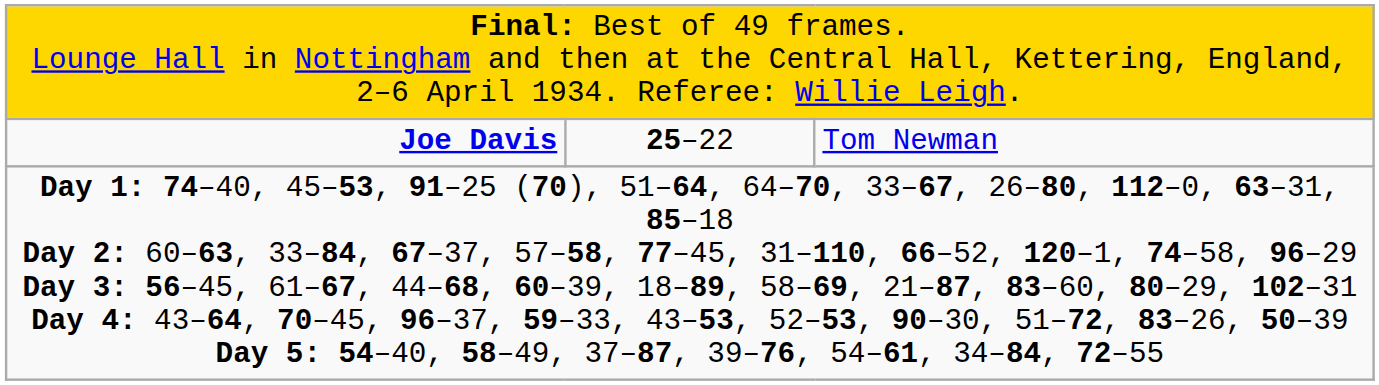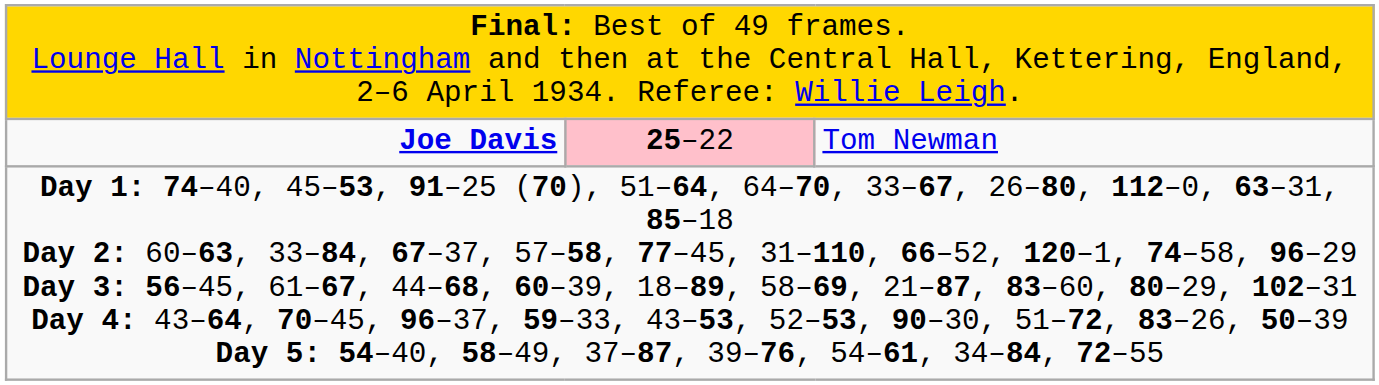 <table class="wikitable" style="font-size: 95%; margin: 1em auto 1em auto;">
 <tr>
 <td colspan="3" align="center" bgcolor="#ffd700"><strong>Final:</strong> Best of 49 frames.<br> <a href='#'>Lounge Hall</a> in <a href='#'>Nottingham</a> and then at the Central Hall, Kettering, England, 2–6 April 1934. Referee: <a href='#'>Willie Leigh</a>.</td>
 </tr>
 <tr>
 <td width="230" align="right"><strong><a href='#'>Joe Davis</a></strong><br></td>
-<td width="100" align="center"><strong>25</strong>–22</td>
+<td width="100" align="center" style="background: pink;"><strong>25</strong>–22</td>
 <td width="230"><a href='#'>Tom Newman</a><br></td>
 </tr>
 <tr>
 <td colspan="3" align="center" style="font-size: 100%"><strong>Day 1:</strong> <strong>74</strong>–40, 45–<strong>53</strong>, <strong>91</strong>–25 (<strong>70</strong>), 51–<strong>64</strong>, 64–<strong>70</strong>, 33–<strong>67</strong>, 26–<strong>80</strong>, <strong>112</strong>–0, <strong>63</strong>–31, <strong>85</strong>–18<br><strong>Day 2:</strong> 60–<strong>63</strong>, 33–<strong>84</strong>, <strong>67</strong>–37, 57–<strong>58</strong>, <strong>77</strong>–45, 31–<strong>110</strong>, <strong>66</strong>–52, <strong>120</strong>–1, <strong>74</strong>–58, <strong>96</strong>–29<br><strong>Day 3:</strong> <strong>56</strong>–45, 61–<strong>67</strong>, 44–<strong>68</strong>, <strong>60</strong>–39, 18–<strong>89</strong>, 58–<strong>69</strong>, 21–<strong>87</strong>, <strong>83</strong>–60, <strong>80</strong>–29, <strong>102</strong>–31<br><strong>Day 4:</strong> 43–<strong>64</strong>, <strong>70</strong>–45, <strong>96</strong>–37, <strong>59</strong>–33, 43–<strong>53</strong>, 52–<strong>53</strong>, <strong>90</strong>–30, 51–<strong>72</strong>, <strong>83</strong>–26, <strong>50</strong>–39<br><strong>Day 5:</strong> <strong>54</strong>–40, <strong>58</strong>–49, 37–<strong>87</strong>, 39–<strong>76</strong>, 54–<strong>61</strong>, 34–<strong>84</strong>, <strong>72</strong>–55</td>
 </tr>
 </table>
